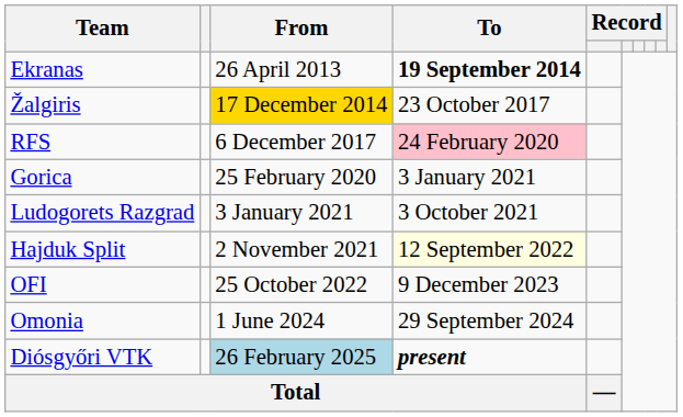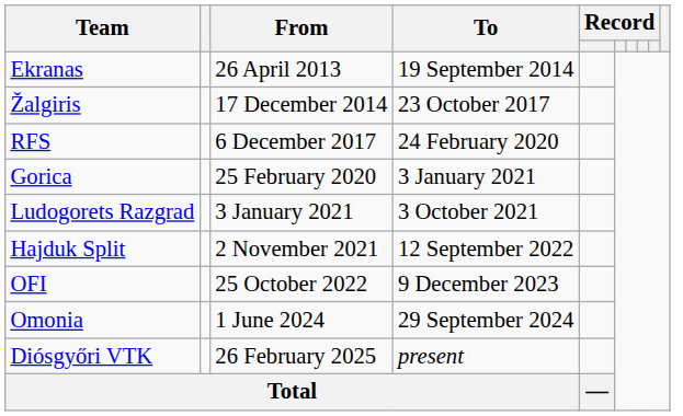 <table class=wikitable style="text-align: center">
 <tr>
 <th rowspan=2>Team</th>
 <th rowspan=2></th>
 <th rowspan=2>From</th>
 <th rowspan=2>To</th>
 <th colspan=5>Record</th>
 <th rowspan=2></th>
 </tr>
 <tr>
 <th></th>
 <th></th>
 <th></th>
 <th></th>
 <th></th>
 </tr>
 <tr>
 <td align=left><a href='#'>Ekranas</a></td>
 <td></td>
 <td align=left>26 April 2013</td>
-<td align=left><strong>19 September 2014<br></strong></td>
+<td align=left>19 September 2014<br></td>
 <td></td>
 </tr>
 <tr>
 <td align=left><a href='#'>Žalgiris</a></td>
 <td></td>
-<td align=left style="background: gold;">17 December 2014</td>
+<td align=left>17 December 2014</td>
 <td align=left>23 October 2017<br></td>
 <td></td>
 </tr>
 <tr>
 <td align=left><a href='#'>RFS</a></td>
 <td></td>
 <td align=left>6 December 2017</td>
-<td align=left style="background: pink;">24 February 2020<br></td>
+<td align=left>24 February 2020<br></td>
 <td></td>
 </tr>
 <tr>
 <td align=left><a href='#'>Gorica</a></td>
 <td></td>
 <td align=left>25 February 2020</td>
 <td align=left>3 January 2021<br></td>
 <td></td>
 </tr>
 <tr>
 <td align=left><a href='#'>Ludogorets Razgrad</a></td>
 <td></td>
 <td align=left>3 January 2021</td>
 <td align=left>3 October 2021<br></td>
 <td></td>
 </tr>
 <tr>
 <td align=left><a href='#'>Hajduk Split</a></td>
 <td></td>
 <td align=left>2 November 2021</td>
-<td align=left style="background: lightyellow;">12 September 2022<br></td>
+<td align=left>12 September 2022<br></td>
 <td></td>
 </tr>
 <tr>
 <td align=left><a href='#'>OFI</a></td>
 <td></td>
 <td align=left>25 October 2022</td>
 <td align=left>9 December 2023<br></td>
 <td></td>
 </tr>
 <tr>
 <td align=left><a href='#'>Omonia</a></td>
 <td></td>
 <td align=left>1 June 2024</td>
 <td align=left>29 September 2024<br></td>
 <td></td>
 </tr>
 <tr>
 <td align=left><a href='#'>Diósgyőri VTK</a></td>
 <td></td>
-<td align=left style="background: lightblue;">26 February 2025</td>
-<td align=left><strong><em>present</em><br></strong></td>
+<td align=left>26 February 2025</td>
+<td align=left><em>present</em><br></td>
 <td></td>
 </tr>
 <tr>
 <th colspan=4>Total<br></th>
 <th>—</th>
 </tr>
 </table>
